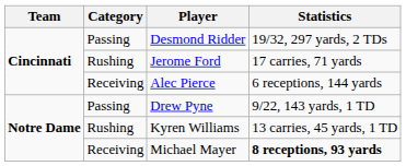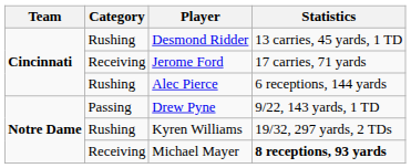 <table class="wikitable" style="float: left;">
 <tr>
 <th>Team</th>
 <th>Category</th>
 <th>Player</th>
 <th>Statistics</th>
 </tr>
 <tr>
 <td rowspan=3><strong>Cincinnati</strong></td>
-<td>Passing</td>
+<td>Rushing</td>
 <td><a href='#'>Desmond Ridder</a></td>
-<td>19/32, 297 yards, 2 TDs</td>
+<td>13 carries, 45 yards, 1 TD</td>
 </tr>
 <tr>
-<td>Rushing</td>
+<td>Receiving</td>
 <td><a href='#'>Jerome Ford</a></td>
 <td>17 carries, 71 yards</td>
 </tr>
 <tr>
-<td>Receiving</td>
+<td>Rushing</td>
 <td><a href='#'>Alec Pierce</a></td>
 <td>6 receptions, 144 yards</td>
 </tr>
 <tr>
 <td rowspan=3><strong>Notre Dame</strong></td>
 <td>Passing</td>
 <td><a href='#'>Drew Pyne</a></td>
 <td>9/22, 143 yards, 1 TD</td>
 </tr>
 <tr>
 <td>Rushing</td>
 <td>Kyren Williams</td>
-<td>13 carries, 45 yards, 1 TD</td>
+<td>19/32, 297 yards, 2 TDs</td>
 </tr>
 <tr>
 <td>Receiving</td>
 <td>Michael Mayer</td>
 <td><strong>8 receptions, 93 yards</strong></td>
 </tr>
 </table>
